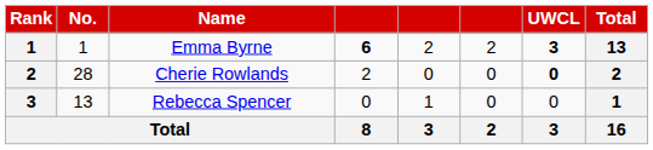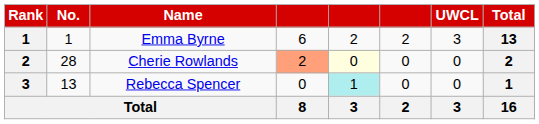 <table class="wikitable" style="text-align:center; font-size:100%; ">
 <tr>
 <th style="background:#d50000; color:white; text-align:center; width:40px">Rank</th>
 <th style="background:#d50000; color:white; text-align:center; width:40px">No.</th>
 <th style="background:#d50000; color:white; text-align:center; width:200px">Name</th>
 <th style="background:#d50000; color:white; text-align:center; width:50px;"><a href='#'></a></th>
 <th style="background:#d50000; color:white; text-align:center; width:50px;"><a href='#'></a></th>
 <th style="background:#d50000; color:white; text-align:center; width:50px;"></th>
 <th style="background:#d50000; color:white; text-align:center; width:50px;">UWCL</th>
 <th style="background:#d50000; color:white; text-align:center; width:50px;">Total</th>
 </tr>
 <tr>
 <th>1</th>
 <td>1</td>
 <td> <a href='#'>Emma Byrne</a></td>
-<td><strong>6</strong></td>
+<td>6</td>
 <td>2</td>
 <td>2</td>
-<td><strong>3</strong></td>
+<td>3</td>
 <th>13</th>
 </tr>
 <tr>
 <th>2</th>
 <td>28</td>
 <td><em></em> <a href='#'>Cherie Rowlands</a></td>
-<td>2</td>
+<td style="background: lightsalmon;">2</td>
+<td style="background: lightyellow;">0</td>
 <td>0</td>
 <td>0</td>
-<td><strong>0</strong></td>
 <th>2</th>
 </tr>
 <tr>
 <th>3</th>
 <td>13</td>
 <td><em></em> <a href='#'>Rebecca Spencer</a></td>
 <td>0</td>
-<td>1</td>
+<td style="background: paleturquoise;">1</td>
 <td>0</td>
 <td>0</td>
 <th>1</th>
 </tr>
 <tr>
 <th colspan="3">Total</th>
 <th>8</th>
 <th>3</th>
 <th>2</th>
 <th>3</th>
 <th>16</th>
 </tr>
 </table>
